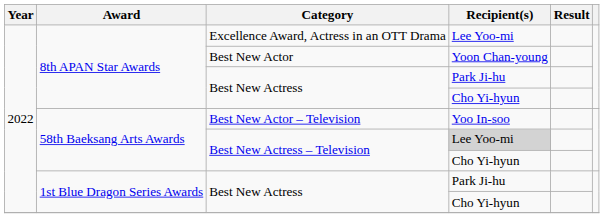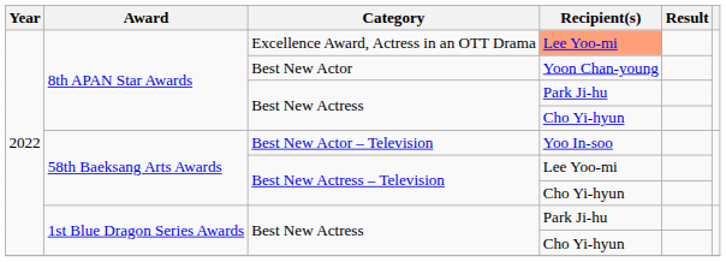 <table class="wikitable plainrowheaders sortable">
 <tr>
 <th scope="col">Year</th>
 <th scope="col">Award</th>
 <th scope="col">Category</th>
 <th scope="col">Recipient(s)</th>
 <th scope="col">Result</th>
 <th scope="col" class="unsortable"></th>
 </tr>
 <tr>
 <td rowspan="9">2022</td>
 <td scope="row" rowspan="4"><a href='#'>8th APAN Star Awards</a></td>
 <td>Excellence Award, Actress in an OTT Drama</td>
-<td><a href='#'>Lee Yoo-mi</a></td>
+<td style="background: lightsalmon;"><a href='#'>Lee Yoo-mi</a></td>
 <td></td>
 <td rowspan="4"></td>
 </tr>
 <tr>
 <td>Best New Actor</td>
 <td><a href='#'>Yoon Chan-young</a></td>
 <td></td>
 </tr>
 <tr>
 <td rowspan="2">Best New Actress</td>
 <td><a href='#'>Park Ji-hu</a></td>
 <td></td>
 </tr>
 <tr>
 <td><a href='#'>Cho Yi-hyun</a></td>
 <td></td>
 </tr>
 <tr>
 <td scope="row" rowspan="3"><a href='#'>58th Baeksang Arts Awards</a></td>
 <td><a href='#'>Best New Actor – Television</a></td>
 <td><a href='#'>Yoo In-soo</a></td>
 <td></td>
 <td rowspan="3"></td>
 </tr>
 <tr>
 <td rowspan="2"><a href='#'>Best New Actress – Television</a></td>
-<td style="background: lightgrey;">Lee Yoo-mi</td>
+<td>Lee Yoo-mi</td>
 <td></td>
 </tr>
 <tr>
 <td>Cho Yi-hyun</td>
 <td></td>
 </tr>
 <tr>
 <td scope="row" rowspan="2"><a href='#'>1st Blue Dragon Series Awards</a></td>
 <td rowspan="2">Best New Actress</td>
 <td>Park Ji-hu</td>
 <td></td>
 <td rowspan="2"></td>
 </tr>
 <tr>
 <td>Cho Yi-hyun</td>
 <td></td>
 </tr>
 <tr>
 </tr>
 </table>
